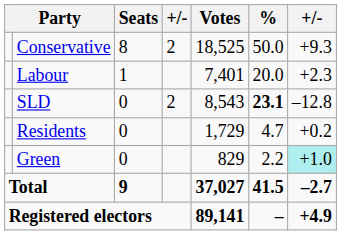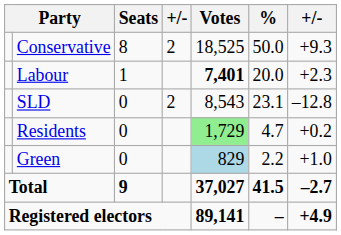 <table class="wikitable sortable">
 <tr>
 <th colspan="2">Party</th>
 <th>Seats</th>
 <th>+/-</th>
 <th>Votes</th>
 <th>%</th>
 <th>+/-</th>
 </tr>
 <tr>
 <td style="background-color: "></td>
 <td><a href='#'>Conservative</a></td>
 <td>8</td>
 <td> 2</td>
 <td style="text-align:right;">18,525</td>
 <td style="text-align:right;">50.0</td>
 <td style="text-align:right;">+9.3</td>
 </tr>
 <tr>
 <td style="background-color: "></td>
 <td><a href='#'>Labour</a></td>
 <td>1</td>
 <td></td>
-<td style="text-align:right;">7,401</td>
+<td style="text-align:right;"><strong>7,401</strong></td>
 <td style="text-align:right;">20.0</td>
 <td style="text-align:right;">+2.3</td>
 </tr>
 <tr>
 <td style="background-color: "></td>
 <td><a href='#'>SLD</a></td>
 <td>0</td>
 <td> 2</td>
 <td style="text-align:right;">8,543</td>
-<td style="text-align:right;"><strong>23.1</strong></td>
+<td style="text-align:right;">23.1</td>
 <td style="text-align:right;">–12.8</td>
 </tr>
 <tr>
 <td style="background-color: "></td>
 <td><a href='#'>Residents</a></td>
 <td>0</td>
 <td></td>
-<td style="text-align:right;">1,729</td>
+<td style="background: lightgreen; text-align:right;">1,729</td>
 <td style="text-align:right;">4.7</td>
 <td style="text-align:right;">+0.2</td>
 </tr>
 <tr>
 <td style="background-color: "></td>
 <td><a href='#'>Green</a></td>
 <td>0</td>
 <td></td>
-<td style="text-align:right;">829</td>
+<td style="background: lightblue; text-align:right;">829</td>
 <td style="text-align:right;">2.2</td>
-<td style="background: paleturquoise; text-align:right;">+1.0</td>
+<td style="text-align:right;">+1.0</td>
 </tr>
 <tr>
 <td colspan="2"><strong>Total</strong></td>
 <td><strong>9</strong></td>
 <td></td>
 <td style="text-align:right;"><strong>37,027</strong></td>
 <td style="text-align:right;"><strong>41.5</strong></td>
 <td style="text-align:right;"><strong>–2.7</strong></td>
 </tr>
 <tr>
 <td colspan="4"><strong>Registered electors</strong></td>
 <td style="text-align:right;"><strong>89,141</strong></td>
 <td style="text-align:right;"><strong>–</strong></td>
 <td style="text-align:right;"><strong>+4.9</strong></td>
 </tr>
 </table>
